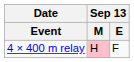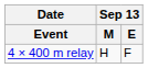 <table class="wikitable athletics-schedule" style="font-size:90%">
 <tr>
 <th scope="row">Date</th>
 <th scope="col" colspan=2>Sep 13</th>
 </tr>
 <tr>
 <th scope="col">Event</th>
 <th scope="col">M</th>
 <th scope="col">E</th>
 </tr>
 <tr>
 <td class="event"><a href='#'>4 × 400 m relay</a></td>
-<td class="heats" style="background: pink;">H</td>
+<td class="heats">H</td>
 <td class="final">F</td>
 </tr>
 </table>
